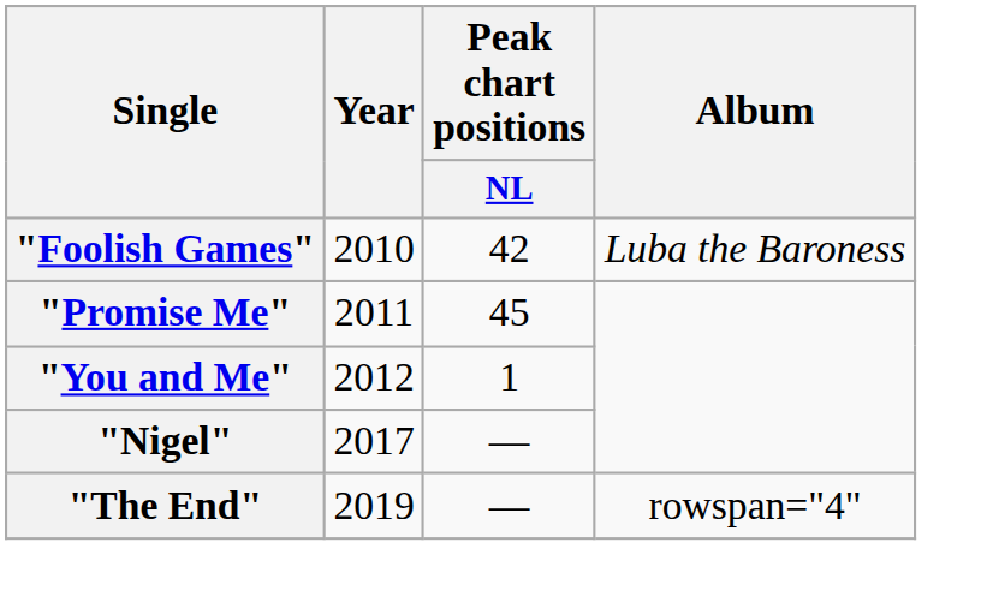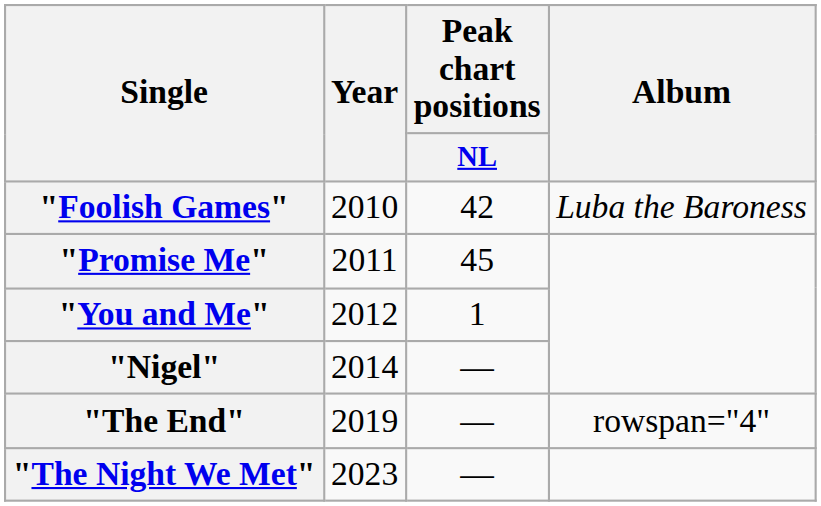 <table class="wikitable plainrowheaders" style="text-align:center;">
 <tr>
 <th rowspan="2" scope="col">Single</th>
 <th rowspan="2" scope="col">Year</th>
 <th scope="col" colspan="1">Peak chart positions</th>
 <th scope="col" rowspan="2">Album</th>
 </tr>
 <tr>
 <th scope="col" style="width:3em;font-size:85%;"><a href='#'>NL</a><br></th>
 </tr>
 <tr>
 <th scope="row">"<a href='#'>Foolish Games</a>"</th>
 <td>2010</td>
 <td>42</td>
 <td><em>Luba the Baroness</em></td>
 </tr>
 <tr>
 <th scope="row">"<a href='#'>Promise Me</a>"</th>
 <td>2011</td>
 <td>45</td>
 </tr>
 <tr>
 <th scope="row">"<a href='#'>You and Me</a>"</th>
 <td>2012</td>
 <td>1</td>
 </tr>
 <tr>
 <th scope="row">"Nigel"</th>
-<td>2017</td>
+<td>2014</td>
 <td>—</td>
 </tr>
 <tr>
 <th scope="row">"The End"</th>
 <td>2019</td>
 <td>—</td>
 <td>rowspan="4" </td>
 </tr>
+<tr>
+<th scope="row">"<a href='#'>The Night We Met</a>"</th>
+<td>2023</td>
+<td>—</td>
+<td></td>
+</tr>
 </table>
